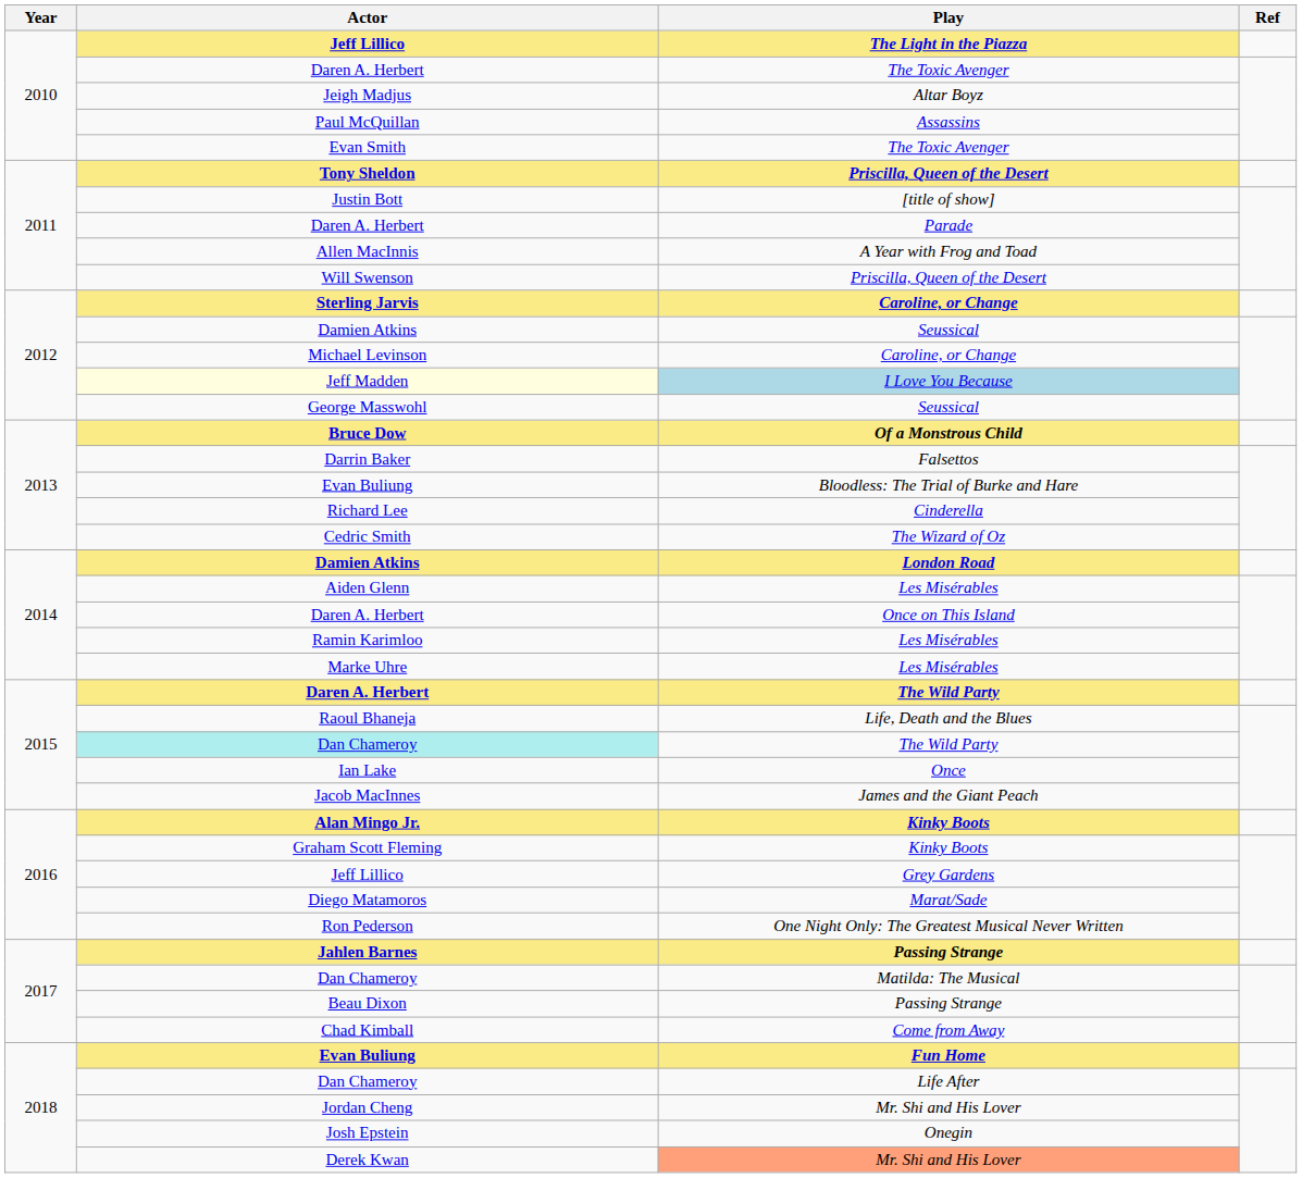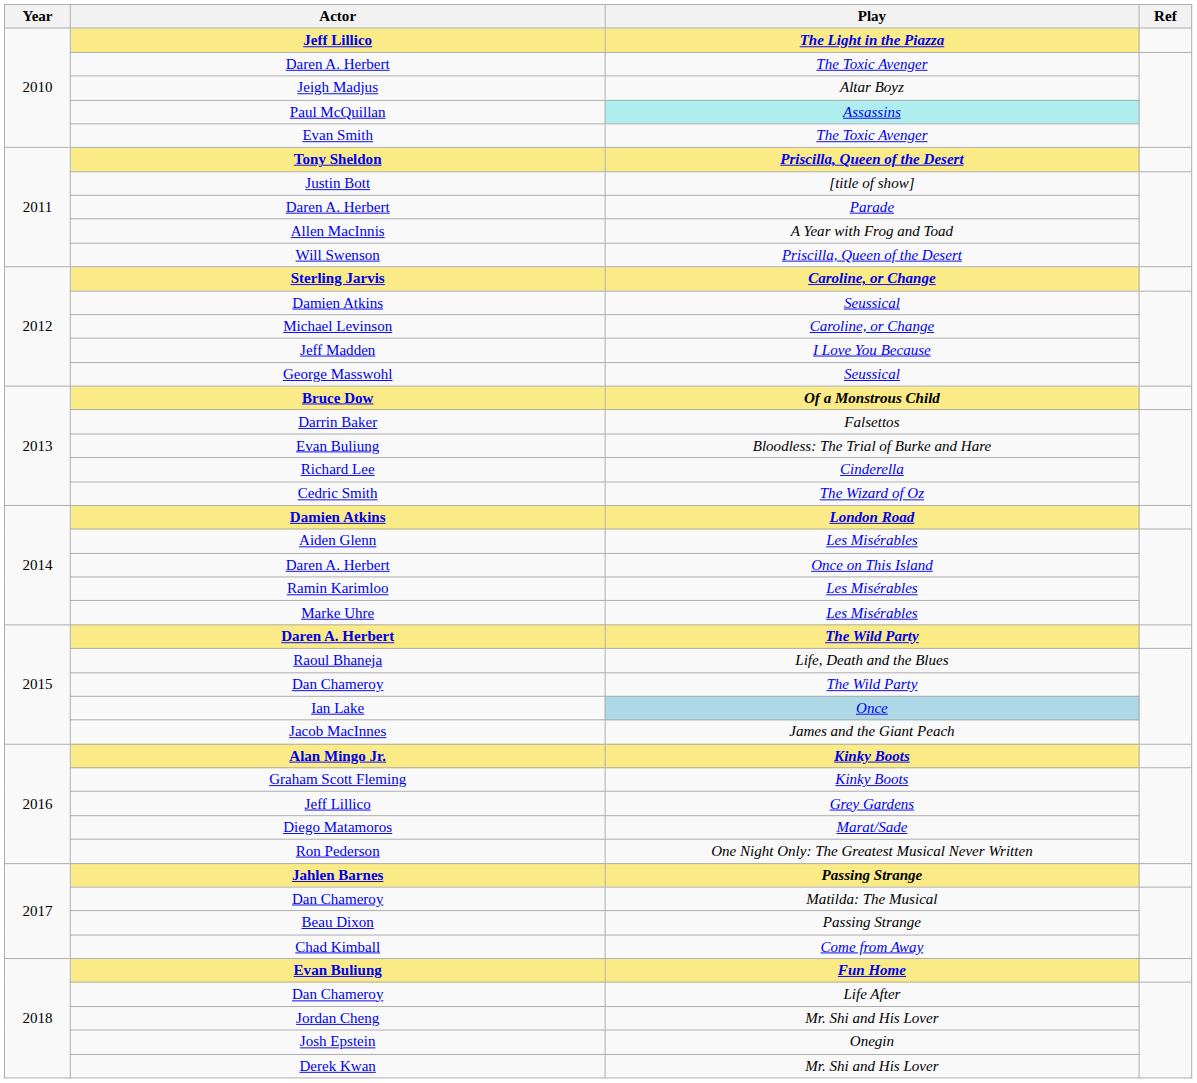 <table class="wikitable" width="100%" style="text-align:center;">
 <tr>
 <th>Year</th>
 <th width="45%">Actor</th>
 <th width="45%">Play</th>
 <th>Ref</th>
 </tr>
 <tr>
 <td rowspan=5>2010</td>
 <td style="background:#FAEB86"><strong><a href='#'>Jeff Lillico</a></strong></td>
 <td style="background:#FAEB86"><strong><em><a href='#'>The Light in the Piazza</a></em></strong></td>
 <td></td>
 </tr>
 <tr>
 <td><a href='#'>Daren A. Herbert</a></td>
 <td><em><a href='#'>The Toxic Avenger</a></em></td>
 <td rowspan=4></td>
 </tr>
 <tr>
 <td><a href='#'>Jeigh Madjus</a></td>
 <td><em>Altar Boyz</em></td>
 </tr>
 <tr>
 <td><a href='#'>Paul McQuillan</a></td>
-<td><em><a href='#'>Assassins</a></em></td>
+<td style="background: paleturquoise;"><em><a href='#'>Assassins</a></em></td>
 </tr>
 <tr>
 <td><a href='#'>Evan Smith</a></td>
 <td><em><a href='#'>The Toxic Avenger</a></em></td>
 </tr>
 <tr>
 <td rowspan=5>2011</td>
 <td style="background:#FAEB86"><strong><a href='#'>Tony Sheldon</a></strong></td>
 <td style="background:#FAEB86"><strong><em><a href='#'>Priscilla, Queen of the Desert</a></em></strong></td>
 <td></td>
 </tr>
 <tr>
 <td><a href='#'>Justin Bott</a></td>
 <td><em>[title of show]</em></td>
 <td rowspan=4></td>
 </tr>
 <tr>
 <td><a href='#'>Daren A. Herbert</a></td>
 <td><em><a href='#'>Parade</a></em></td>
 </tr>
 <tr>
 <td><a href='#'>Allen MacInnis</a></td>
 <td><em>A Year with Frog and Toad</em></td>
 </tr>
 <tr>
 <td><a href='#'>Will Swenson</a></td>
 <td><em><a href='#'>Priscilla, Queen of the Desert</a></em></td>
 </tr>
 <tr>
 <td rowspan=5>2012</td>
 <td style="background:#FAEB86"><strong><a href='#'>Sterling Jarvis</a></strong></td>
 <td style="background:#FAEB86"><strong><em><a href='#'>Caroline, or Change</a></em></strong></td>
 <td></td>
 </tr>
 <tr>
 <td><a href='#'>Damien Atkins</a></td>
 <td><em><a href='#'>Seussical</a></em></td>
 <td rowspan=4></td>
 </tr>
 <tr>
 <td><a href='#'>Michael Levinson</a></td>
 <td><em><a href='#'>Caroline, or Change</a></em></td>
 </tr>
 <tr>
-<td style="background: lightyellow;"><a href='#'>Jeff Madden</a></td>
-<td style="background: lightblue;"><em><a href='#'>I Love You Because</a></em></td>
+<td><a href='#'>Jeff Madden</a></td>
+<td><em><a href='#'>I Love You Because</a></em></td>
 </tr>
 <tr>
 <td><a href='#'>George Masswohl</a></td>
 <td><em><a href='#'>Seussical</a></em></td>
 </tr>
 <tr>
 <td rowspan=5>2013</td>
 <td style="background:#FAEB86"><strong><a href='#'>Bruce Dow</a></strong></td>
 <td style="background:#FAEB86"><strong><em>Of a Monstrous Child</em></strong></td>
 <td></td>
 </tr>
 <tr>
 <td><a href='#'>Darrin Baker</a></td>
 <td><em>Falsettos</em></td>
 <td rowspan=4></td>
 </tr>
 <tr>
 <td><a href='#'>Evan Buliung</a></td>
 <td><em>Bloodless: The Trial of Burke and Hare</em></td>
 </tr>
 <tr>
 <td><a href='#'>Richard Lee</a></td>
 <td><em><a href='#'>Cinderella</a></em></td>
 </tr>
 <tr>
 <td><a href='#'>Cedric Smith</a></td>
 <td><em><a href='#'>The Wizard of Oz</a></em></td>
 </tr>
 <tr>
 <td rowspan=5>2014</td>
 <td style="background:#FAEB86"><strong><a href='#'>Damien Atkins</a></strong></td>
 <td style="background:#FAEB86"><strong><em><a href='#'>London Road</a></em></strong></td>
 <td></td>
 </tr>
 <tr>
 <td><a href='#'>Aiden Glenn</a></td>
 <td><em><a href='#'>Les Misérables</a></em></td>
 <td rowspan=4></td>
 </tr>
 <tr>
 <td><a href='#'>Daren A. Herbert</a></td>
 <td><em><a href='#'>Once on This Island</a></em></td>
 </tr>
 <tr>
 <td><a href='#'>Ramin Karimloo</a></td>
 <td><em><a href='#'>Les Misérables</a></em></td>
 </tr>
 <tr>
 <td><a href='#'>Marke Uhre</a></td>
 <td><em><a href='#'>Les Misérables</a></em></td>
 </tr>
 <tr>
 <td rowspan=5>2015</td>
 <td style="background:#FAEB86"><strong><a href='#'>Daren A. Herbert</a></strong></td>
 <td style="background:#FAEB86"><strong><em><a href='#'>The Wild Party</a></em></strong></td>
 <td></td>
 </tr>
 <tr>
 <td><a href='#'>Raoul Bhaneja</a></td>
 <td><em>Life, Death and the Blues</em></td>
 <td rowspan=4></td>
 </tr>
 <tr>
-<td style="background: paleturquoise;"><a href='#'>Dan Chameroy</a></td>
+<td><a href='#'>Dan Chameroy</a></td>
 <td><em><a href='#'>The Wild Party</a></em></td>
 </tr>
 <tr>
 <td><a href='#'>Ian Lake</a></td>
-<td><em><a href='#'>Once</a></em></td>
+<td style="background: lightblue;"><em><a href='#'>Once</a></em></td>
 </tr>
 <tr>
 <td><a href='#'>Jacob MacInnes</a></td>
 <td><em>James and the Giant Peach</em></td>
 </tr>
 <tr>
 <td rowspan=5>2016</td>
 <td style="background:#FAEB86"><strong><a href='#'>Alan Mingo Jr.</a></strong></td>
 <td style="background:#FAEB86"><strong><em><a href='#'>Kinky Boots</a></em></strong></td>
 <td></td>
 </tr>
 <tr>
 <td><a href='#'>Graham Scott Fleming</a></td>
 <td><em><a href='#'>Kinky Boots</a></em></td>
 <td rowspan=4></td>
 </tr>
 <tr>
 <td><a href='#'>Jeff Lillico</a></td>
 <td><em><a href='#'>Grey Gardens</a></em></td>
 </tr>
 <tr>
 <td><a href='#'>Diego Matamoros</a></td>
 <td><em><a href='#'>Marat/Sade</a></em></td>
 </tr>
 <tr>
 <td><a href='#'>Ron Pederson</a></td>
 <td><em>One Night Only: The Greatest Musical Never Written</em></td>
 </tr>
 <tr>
 <td rowspan=4>2017</td>
 <td style="background:#FAEB86"><strong><a href='#'>Jahlen Barnes</a></strong></td>
 <td style="background:#FAEB86"><strong><em>Passing Strange</em></strong></td>
 <td></td>
 </tr>
 <tr>
 <td><a href='#'>Dan Chameroy</a></td>
 <td><em>Matilda: The Musical</em></td>
 <td rowspan=3></td>
 </tr>
 <tr>
 <td><a href='#'>Beau Dixon</a></td>
 <td><em>Passing Strange</em></td>
 </tr>
 <tr>
 <td><a href='#'>Chad Kimball</a></td>
 <td><em><a href='#'>Come from Away</a></em></td>
 </tr>
 <tr>
 <td rowspan=5>2018</td>
 <td style="background:#FAEB86"><strong><a href='#'>Evan Buliung</a></strong></td>
 <td style="background:#FAEB86"><strong><em><a href='#'>Fun Home</a></em></strong></td>
 <td></td>
 </tr>
 <tr>
 <td><a href='#'>Dan Chameroy</a></td>
 <td><em>Life After</em></td>
 <td rowspan=4></td>
 </tr>
 <tr>
 <td><a href='#'>Jordan Cheng</a></td>
 <td><em>Mr. Shi and His Lover</em></td>
 </tr>
 <tr>
 <td><a href='#'>Josh Epstein</a></td>
 <td><em>Onegin</em></td>
 </tr>
 <tr>
 <td><a href='#'>Derek Kwan</a></td>
-<td style="background: lightsalmon;"><em>Mr. Shi and His Lover</em></td>
+<td><em>Mr. Shi and His Lover</em></td>
 </tr>
 </table>
